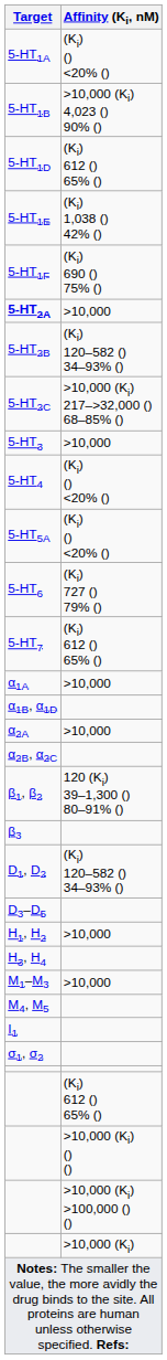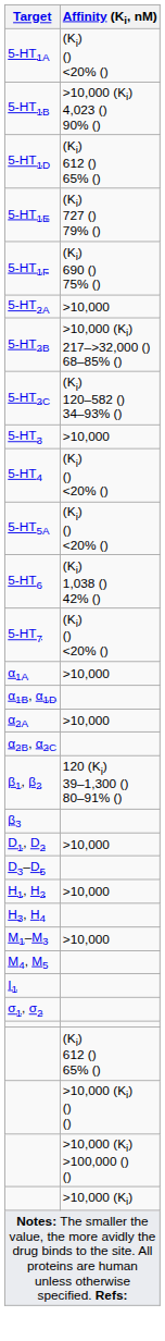 <table class="wikitable floatleft" style="font-size:small;">
 <tr>
 <th><a href='#'>Target</a></th>
 <th><a href='#'>Affinity</a> (K<sub>i</sub>, nM)</th>
 </tr>
 <tr>
 <td><a href='#'>5-HT<sub>1A</sub></a></td>
 <td> (K<sub>i</sub>)<br> ()<br><20% ()</td>
 </tr>
 <tr>
 <td><a href='#'>5-HT<sub>1B</sub></a></td>
 <td>>10,000 (K<sub>i</sub>)<br>4,023 ()<br>90% ()</td>
 </tr>
 <tr>
 <td><a href='#'>5-HT<sub>1D</sub></a></td>
 <td> (K<sub>i</sub>)<br>612 ()<br>65% ()</td>
 </tr>
 <tr>
 <td><a href='#'>5-HT<sub>1E</sub></a></td>
-<td> (K<sub>i</sub>)<br>1,038 ()<br>42% ()</td>
+<td> (K<sub>i</sub>)<br>727 ()<br>79% ()</td>
 </tr>
 <tr>
 <td><a href='#'>5-HT<sub>1F</sub></a></td>
 <td> (K<sub>i</sub>)<br>690 ()<br>75% ()</td>
 </tr>
 <tr>
-<td><strong><a href='#'>5-HT<sub>2A</sub></a></strong></td>
+<td><a href='#'>5-HT<sub>2A</sub></a></td>
 <td>>10,000</td>
 </tr>
 <tr>
 <td><a href='#'>5-HT<sub>2B</sub></a></td>
-<td> (K<sub>i</sub>)<br>120–582 ()<br>34–93% ()</td>
+<td>>10,000 (K<sub>i</sub>)<br>217–>32,000 ()<br>68–85% ()</td>
 </tr>
 <tr>
 <td><a href='#'>5-HT<sub>2C</sub></a></td>
-<td>>10,000 (K<sub>i</sub>)<br>217–>32,000 ()<br>68–85% ()</td>
+<td> (K<sub>i</sub>)<br>120–582 ()<br>34–93% ()</td>
 </tr>
 <tr>
 <td><a href='#'>5-HT<sub>3</sub></a></td>
 <td>>10,000</td>
 </tr>
 <tr>
 <td><a href='#'>5-HT<sub>4</sub></a></td>
 <td> (K<sub>i</sub>)<br> ()<br><20% ()</td>
 </tr>
 <tr>
 <td><a href='#'>5-HT<sub>5A</sub></a></td>
 <td> (K<sub>i</sub>)<br> ()<br><20% ()</td>
 </tr>
 <tr>
 <td><a href='#'>5-HT<sub>6</sub></a></td>
-<td> (K<sub>i</sub>)<br>727 ()<br>79% ()</td>
+<td> (K<sub>i</sub>)<br>1,038 ()<br>42% ()</td>
 </tr>
 <tr>
 <td><a href='#'>5-HT<sub>7</sub></a></td>
-<td> (K<sub>i</sub>)<br>612 ()<br>65% ()</td>
+<td> (K<sub>i</sub>)<br> ()<br><20% ()</td>
 </tr>
 <tr>
 <td><a href='#'>α<sub>1A</sub></a></td>
 <td>>10,000</td>
 </tr>
 <tr>
 <td><a href='#'>α<sub>1B</sub></a>, <a href='#'>α<sub>1D</sub></a></td>
 <td></td>
 </tr>
 <tr>
 <td><a href='#'>α<sub>2A</sub></a></td>
 <td>>10,000</td>
 </tr>
 <tr>
 <td><a href='#'>α<sub>2B</sub></a>, <a href='#'>α<sub>2C</sub></a></td>
 <td></td>
 </tr>
 <tr>
 <td><a href='#'>β<sub>1</sub></a>, <a href='#'>β<sub>2</sub></a></td>
 <td>120 (K<sub>i</sub>)<br>39–1,300 ()<br>80–91% ()</td>
 </tr>
 <tr>
 <td><a href='#'>β<sub>3</sub></a></td>
 <td></td>
 </tr>
 <tr>
 <td><a href='#'>D<sub>1</sub></a>, <a href='#'>D<sub>2</sub></a></td>
-<td> (K<sub>i</sub>)<br>120–582 ()<br>34–93% ()</td>
+<td>>10,000</td>
 </tr>
 <tr>
 <td><a href='#'>D<sub>3</sub></a>–<a href='#'>D<sub>5</sub></a></td>
 <td></td>
 </tr>
 <tr>
 <td><a href='#'>H<sub>1</sub></a>, <a href='#'>H<sub>2</sub></a></td>
 <td>>10,000</td>
 </tr>
 <tr>
 <td><a href='#'>H<sub>3</sub></a>, <a href='#'>H<sub>4</sub></a></td>
 <td></td>
 </tr>
 <tr>
 <td><a href='#'>M<sub>1</sub></a>–<a href='#'>M<sub>3</sub></a></td>
 <td>>10,000</td>
 </tr>
 <tr>
 <td><a href='#'>M<sub>4</sub></a>, <a href='#'>M<sub>5</sub></a></td>
 <td></td>
 </tr>
 <tr>
 <td><a href='#'>I<sub>1</sub></a></td>
 <td></td>
 </tr>
 <tr>
 <td><a href='#'>σ<sub>1</sub></a>, <a href='#'>σ<sub>2</sub></a></td>
 <td></td>
 </tr>
 <tr>
 <td></td>
 <td></td>
 </tr>
 <tr>
 <td></td>
 <td> (K<sub>i</sub>)<br>612 ()<br>65% ()</td>
 </tr>
 <tr>
 <td></td>
 <td>>10,000 (K<sub>i</sub>)<br> ()<br> ()</td>
 </tr>
 <tr>
 <td></td>
 <td>>10,000 (K<sub>i</sub>)<br>>100,000 ()<br> ()</td>
 </tr>
 <tr>
 <td></td>
 <td>>10,000 (K<sub>i</sub>)</td>
 </tr>
 <tr class="sortbottom">
 <td colspan="2" style="width: 1px; background-color:#eaecf0; text-align: center;"><strong>Notes:</strong> The smaller the value, the more avidly the drug binds to the site. All proteins are human unless otherwise specified. <strong>Refs:</strong> </td>
 </tr>
 </table>
